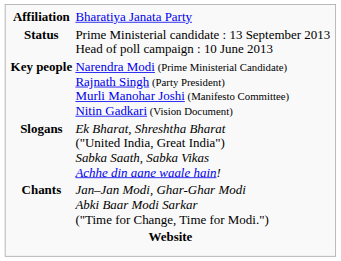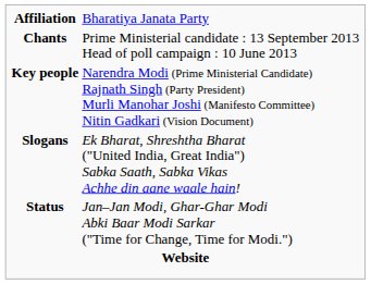 <table class="infobox vcard">
 <tr>
 <th>Affiliation</th>
 <td><a href='#'>Bharatiya Janata Party</a></td>
 </tr>
 <tr>
-<th>Status</th>
+<th>Chants</th>
 <td>Prime Ministerial candidate : 13 September 2013<br>Head of poll campaign : 10 June 2013</td>
 </tr>
 <tr>
 <th>Key people</th>
 <td><a href='#'>Narendra Modi</a><small> (Prime Ministerial Candidate)</small><br><a href='#'>Rajnath Singh</a><small> (Party President)</small><br><a href='#'>Murli Manohar Joshi</a><small> (Manifesto Committee)</small><br><a href='#'>Nitin Gadkari</a><small> (Vision Document)</small></td>
 </tr>
 <tr>
 <th>Slogans</th>
 <td><em>Ek Bharat, Shreshtha Bharat</em> <br><small></small>("United India, Great India")<br><em>Sabka Saath, Sabka Vikas</em><br><em><a href='#'>Achhe din aane waale hain</a>!</em></td>
 </tr>
 <tr>
-<th>Chants</th>
+<th>Status</th>
 <td><em>Jan–Jan Modi, Ghar-Ghar Modi</em> <br><em>Abki Baar Modi Sarkar</em><br><small></small>("Time for Change, Time for Modi.")</td>
 </tr>
 <tr>
 <th class="note" colspan="2" style="text-align: center;">Website</th>
 </tr>
 <tr>
 <td class="url" colspan="2" style="text-align: center;"> </td>
 </tr>
 <tr>
 <td style="text-align: center;" colspan="2"></td>
 </tr>
 </table>
